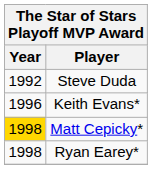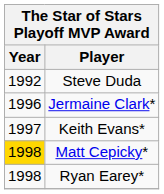 <table class="wikitable" style="display: inline-table; margin-right: 20px; text-align:center">
 <tr>
 <th scope="col" colspan="2" style="width: 145px;">The Star of Stars Playoff MVP Award</th>
 </tr>
 <tr>
 <th scope="col">Year</th>
 <th scope="col">Player</th>
 </tr>
 <tr>
 <td>1992</td>
 <td>Steve Duda</td>
 </tr>
 <tr>
 <td>1996</td>
+<td><a href='#'>Jermaine Clark</a>*</td>
+</tr>
+<tr>
+<td>1997</td>
 <td>Keith Evans*</td>
 </tr>
 <tr>
 <td style="background: gold;">1998</td>
 <td><a href='#'>Matt Cepicky</a>*</td>
 </tr>
 <tr>
 <td>1998</td>
 <td>Ryan Earey*</td>
 </tr>
 <tr>
 </tr>
 </table>
